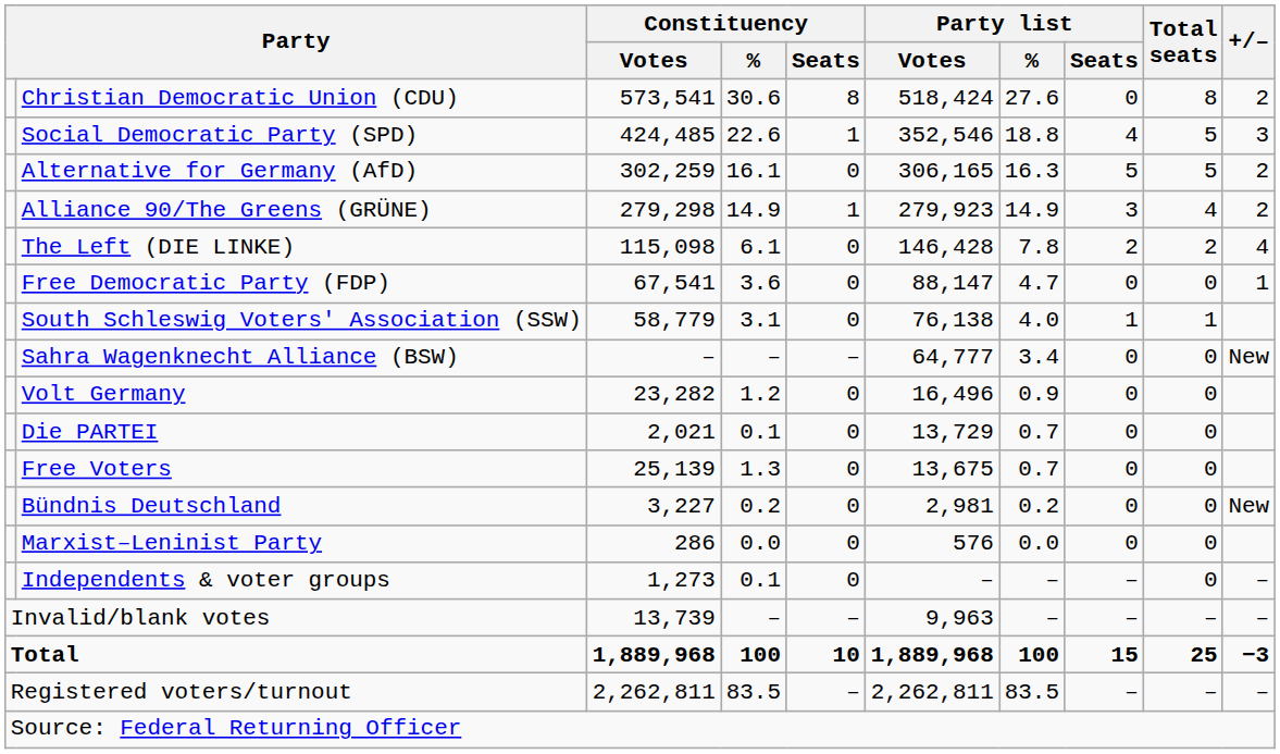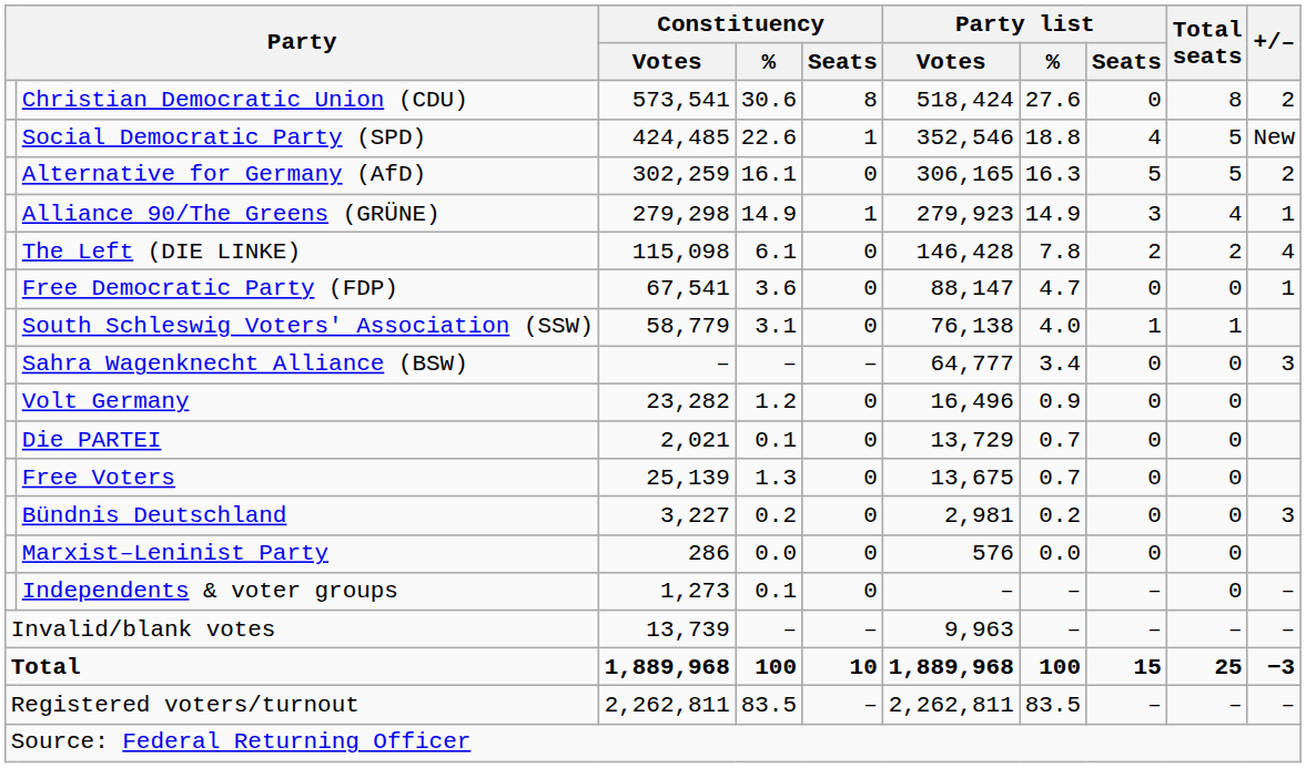 <table class="wikitable" style="text-align:right">
 <tr>
 <th colspan="2" rowspan="2">Party</th>
 <th colspan="3">Constituency</th>
 <th colspan="3">Party list</th>
 <th rowspan="2">Total<br>seats</th>
 <th rowspan="2">+/–</th>
 </tr>
 <tr>
 <th>Votes</th>
 <th>%</th>
 <th>Seats</th>
 <th>Votes</th>
 <th>%</th>
 <th>Seats</th>
 </tr>
 <tr>
 <td></td>
 <td align="left"><a href='#'>Christian Democratic Union</a> (CDU)</td>
 <td>573,541</td>
 <td>30.6</td>
 <td>8</td>
 <td>518,424</td>
 <td>27.6</td>
 <td>0</td>
 <td>8</td>
 <td> 2</td>
 </tr>
 <tr>
 <td></td>
 <td align="left"><a href='#'>Social Democratic Party</a> (SPD)</td>
 <td>424,485</td>
 <td>22.6</td>
 <td>1</td>
 <td>352,546</td>
 <td>18.8</td>
 <td>4</td>
 <td>5</td>
-<td> 3</td>
+<td>New</td>
 </tr>
 <tr>
 <td></td>
 <td align="left"><a href='#'>Alternative for Germany</a> (AfD)</td>
 <td>302,259</td>
 <td>16.1</td>
 <td>0</td>
 <td>306,165</td>
 <td>16.3</td>
 <td>5</td>
 <td>5</td>
 <td> 2</td>
 </tr>
 <tr>
 <td></td>
 <td align="left"><a href='#'>Alliance 90/The Greens</a> (GRÜNE)</td>
 <td>279,298</td>
 <td>14.9</td>
 <td>1</td>
 <td>279,923</td>
 <td>14.9</td>
 <td>3</td>
 <td>4</td>
-<td> 2</td>
+<td> 1</td>
 </tr>
 <tr>
 <td></td>
 <td align="left"><a href='#'>The Left</a> (DIE LINKE)</td>
 <td>115,098</td>
 <td>6.1</td>
 <td>0</td>
 <td>146,428</td>
 <td>7.8</td>
 <td>2</td>
 <td>2</td>
 <td> 4</td>
 </tr>
 <tr>
 <td></td>
 <td align="left"><a href='#'>Free Democratic Party</a> (FDP)</td>
 <td>67,541</td>
 <td>3.6</td>
 <td>0</td>
 <td>88,147</td>
 <td>4.7</td>
 <td>0</td>
 <td>0</td>
 <td> 1</td>
 </tr>
 <tr>
 <td style="background-color:"></td>
 <td align="left"><a href='#'>South Schleswig Voters' Association</a> (SSW)</td>
 <td>58,779</td>
 <td>3.1</td>
 <td>0</td>
 <td>76,138</td>
 <td>4.0</td>
 <td>1</td>
 <td>1</td>
 <td></td>
 </tr>
 <tr>
 <td style="background-color:"></td>
 <td align="left"><a href='#'>Sahra Wagenknecht Alliance</a> (BSW)</td>
 <td>–</td>
 <td>–</td>
 <td>–</td>
 <td>64,777</td>
 <td>3.4</td>
 <td>0</td>
 <td>0</td>
-<td>New</td>
+<td> 3</td>
 </tr>
 <tr>
 <td style="background-color:"></td>
 <td align="left"><a href='#'>Volt Germany</a></td>
 <td>23,282</td>
 <td>1.2</td>
 <td>0</td>
 <td>16,496</td>
 <td>0.9</td>
 <td>0</td>
 <td>0</td>
 <td></td>
 </tr>
 <tr>
 <td style="background-color:"></td>
 <td align="left"><a href='#'>Die PARTEI</a></td>
 <td>2,021</td>
 <td>0.1</td>
 <td>0</td>
 <td>13,729</td>
 <td>0.7</td>
 <td>0</td>
 <td>0</td>
 <td></td>
 </tr>
 <tr>
 <td style="background-color:"></td>
 <td align="left"><a href='#'>Free Voters</a></td>
 <td>25,139</td>
 <td>1.3</td>
 <td>0</td>
 <td>13,675</td>
 <td>0.7</td>
 <td>0</td>
 <td>0</td>
 <td></td>
 </tr>
 <tr>
 <td style="background-color:"></td>
 <td align="left"><a href='#'>Bündnis Deutschland</a></td>
 <td>3,227</td>
 <td>0.2</td>
 <td>0</td>
 <td>2,981</td>
 <td>0.2</td>
 <td>0</td>
 <td>0</td>
-<td>New</td>
+<td> 3</td>
 </tr>
 <tr>
 <td style="background-color:"></td>
 <td align="left"><a href='#'>Marxist–Leninist Party</a></td>
 <td>286</td>
 <td>0.0</td>
 <td>0</td>
 <td>576</td>
 <td>0.0</td>
 <td>0</td>
 <td>0</td>
 <td></td>
 </tr>
 <tr>
 <td style="background-color:"></td>
 <td align="left"><a href='#'>Independents</a> & voter groups</td>
 <td>1,273</td>
 <td>0.1</td>
 <td>0</td>
 <td>–</td>
 <td>–</td>
 <td>–</td>
 <td>0</td>
 <td>–</td>
 </tr>
 <tr>
 <td colspan="2" align="left">Invalid/blank votes</td>
 <td>13,739</td>
 <td>–</td>
 <td>–</td>
 <td>9,963</td>
 <td>–</td>
 <td>–</td>
 <td>–</td>
 <td>–</td>
 </tr>
 <tr>
 <td colspan="2" align="left"><strong>Total</strong></td>
 <td><strong>1,889,968</strong></td>
 <td><strong>100</strong></td>
 <td><strong>10</strong></td>
 <td><strong>1,889,968</strong></td>
 <td><strong>100</strong></td>
 <td><strong>15</strong></td>
 <td><strong>25</strong></td>
 <td><strong>−3</strong></td>
 </tr>
 <tr>
 <td colspan="2" align="left">Registered voters/turnout</td>
 <td>2,262,811</td>
 <td>83.5</td>
 <td>–</td>
 <td>2,262,811</td>
 <td>83.5</td>
 <td>–</td>
 <td>–</td>
 <td>–</td>
 </tr>
 <tr>
 <td colspan="10" align="left">Source: <a href='#'>Federal Returning Officer</a></td>
 </tr>
 </table>
